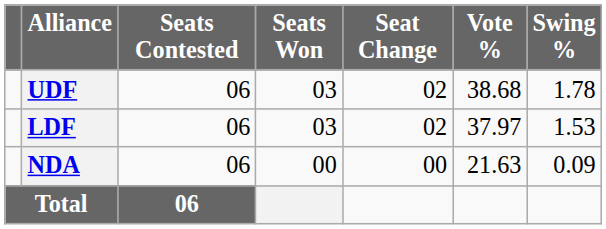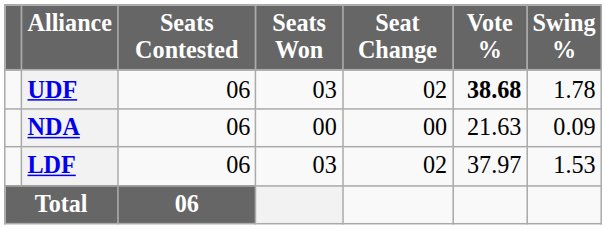 <table class="wikitable sortable" width="25%" style="font-size: x-big; font-family: API PHONETIQUE">
 <tr valign="top">
 <th style="background-color:#666666; color:white"></th>
 <th style="background-color:#666666; color:white">Alliance</th>
 <th style="background-color:#666666; color:white">Seats Contested</th>
 <th style="background-color:#666666; color:white">Seats Won</th>
 <th style="background-color:#666666; color:white">Seat Change</th>
 <th style="background-color:#666666; color:white">Vote %</th>
 <th style="background-color:#666666; color:white">Swing<br>%</th>
 </tr>
 <tr>
 <td style="background-color:"> </td>
 <th style="text-align:left;"><a href='#'>UDF</a></th>
 <td align="right">06</td>
 <td align="right">03</td>
 <td align="right">02</td>
-<td align="right">38.68</td>
+<td align="right"><strong>38.68</strong></td>
 <td align="right">1.78</td>
+</tr>
+<tr>
+<td style="background-color:"> </td>
+<th style="text-align:left;"><a href='#'>NDA</a></th>
+<td align="right">06</td>
+<td align="right">00</td>
+<td align="right">00</td>
+<td align="right">21.63</td>
+<td align="right">0.09</td>
 </tr>
 <tr>
 <td style="background-color:"> </td>
 <th style="text-align:left;"><a href='#'>LDF</a></th>
 <td align="right">06</td>
 <td align="right">03</td>
 <td align="right">02</td>
 <td align="right">37.97</td>
 <td align="right">1.53</td>
 </tr>
 <tr>
-<td style="background-color:"> </td>
-<th style="text-align:left;"><a href='#'>NDA</a></th>
-<td align="right">06</td>
-<td align="right">00</td>
-<td align="right">00</td>
-<td align="right">21.63</td>
-<td align="right">0.09</td>
-</tr>
-<tr>
 <th colspan="2" style="background-color:#666666; color:white"><strong>Total</strong></th>
 <th align="right" style="background-color:#666666; color:white">06</th>
 <th align="right"></th>
 <td></td>
 <td></td>
 <td></td>
 </tr>
 </table>
